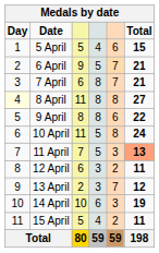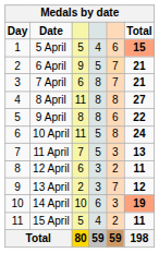 <table class=wikitable style="font-size:85%;float:right;text-align:center">
 <tr bgcolor=EFEFEF>
 <th colspan=6>Medals by date</th>
 </tr>
 <tr>
 <td><strong>Day</strong></td>
 <td><strong>Date</strong></td>
 <td bgcolor=F7F6A8></td>
 <td bgcolor=DCE5E5></td>
 <td bgcolor=FFDAB9></td>
 <td><strong>Total</strong></td>
 </tr>
 <tr>
 <td>1</td>
 <td>5 April</td>
 <td bgcolor=F7F6A8>5</td>
 <td bgcolor=DCE5E5>4</td>
 <td bgcolor=FFDAB9>6</td>
-<td><strong>15</strong></td>
+<td style="background: lightsalmon;"><strong>15</strong></td>
 </tr>
 <tr>
 <td>2</td>
 <td>6 April</td>
 <td bgcolor=F7F6A8>9</td>
 <td bgcolor=DCE5E5>5</td>
 <td bgcolor=FFDBA9>7</td>
 <td><strong>21</strong></td>
 </tr>
 <tr>
 <td>3</td>
 <td>7 April</td>
 <td bgcolor=F7F6A8>6</td>
 <td bgcolor=DCE5E5>8</td>
 <td bgcolor=FFDAB9>7</td>
 <td><strong>21</strong></td>
 </tr>
 <tr>
-<td style="background: lightyellow;">4</td>
+<td>4</td>
 <td>8 April</td>
 <td bgcolor=F7F6A8>11</td>
 <td bgcolor=DCE5E5>8</td>
 <td bgcolor=FFDAB9>8</td>
 <td><strong>27</strong></td>
 </tr>
 <tr>
 <td>5</td>
 <td>9 April</td>
 <td bgcolor=F7F6A8>8</td>
 <td bgcolor=DCE5E5>8</td>
 <td bgcolor=FFDAB9>6</td>
 <td><strong>22</strong></td>
 </tr>
 <tr>
 <td>6</td>
 <td>10 April</td>
 <td bgcolor=F7F6A8>11</td>
 <td bgcolor=DCE5E5>5</td>
 <td bgcolor=FFDAB9>8</td>
 <td><strong>24</strong></td>
 </tr>
 <tr>
 <td>7</td>
 <td>11 April</td>
 <td bgcolor=F7F6A8>7</td>
 <td bgcolor=DCE5E5>5</td>
 <td bgcolor=FFDAB9>3</td>
-<td style="background: lightsalmon;"><strong>13</strong></td>
+<td><strong>13</strong></td>
 </tr>
 <tr>
 <td>8</td>
 <td>12 April</td>
 <td bgcolor=F7F6A8>6</td>
 <td bgcolor=DCE5E5>3</td>
 <td bgcolor=FFDAB9>2</td>
 <td><strong>11</strong></td>
 </tr>
 <tr>
 <td>9</td>
 <td>13 April</td>
 <td bgcolor=F7F6A8>2</td>
 <td bgcolor=DCE5E5>3</td>
 <td bgcolor=FFDAB9>7</td>
 <td><strong>12</strong></td>
 </tr>
 <tr>
 <td>10</td>
 <td>14 April</td>
 <td bgcolor=F7F6A8>10</td>
 <td bgcolor=DCE5E5>6</td>
 <td bgcolor=FFDAB9>3</td>
-<td><strong>19</strong></td>
+<td style="background: lightsalmon;"><strong>19</strong></td>
 </tr>
 <tr>
 <td>11</td>
 <td>15 April</td>
 <td bgcolor=F7F6A8>5</td>
 <td bgcolor=DCE5E5>4</td>
 <td bgcolor=FFDAB9>2</td>
 <td><strong>11</strong></td>
 </tr>
 <tr>
 <th colspan=2>Total</th>
 <th style="background:gold">80</th>
 <th style="background:silver">59</th>
 <th style="background:#c96">59</th>
 <th>198</th>
 </tr>
 </table>
